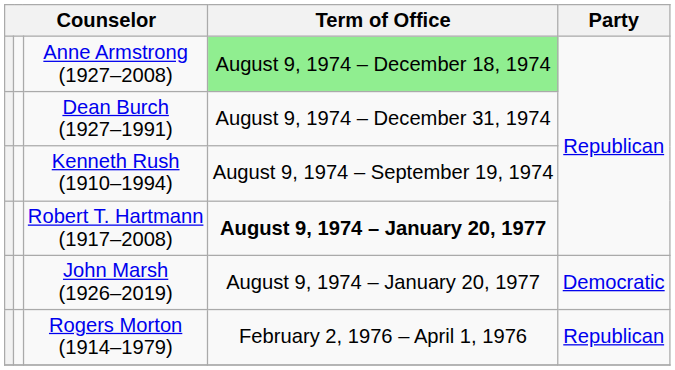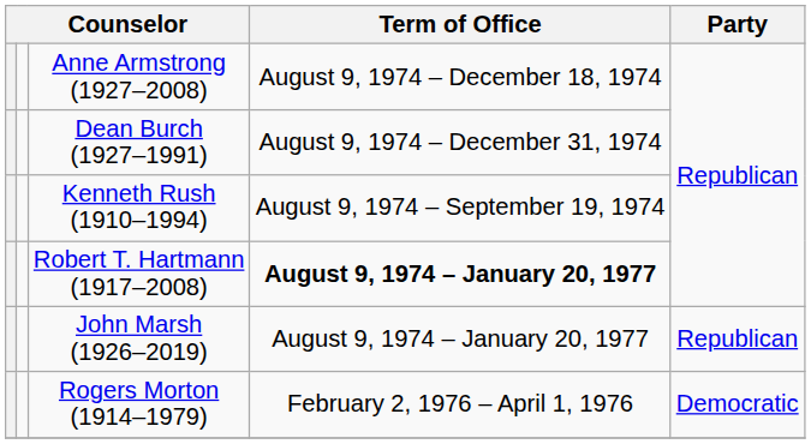 <table class="wikitable sortable" style="text-align:center">
 <tr>
 <th colspan="3">Counselor</th>
 <th>Term of Office<br></th>
 <th>Party</th>
 </tr>
 <tr>
 <th style="background:"></th>
 <td></td>
 <td><a href='#'>Anne Armstrong</a><br>(1927–2008)</td>
-<td style="background: lightgreen;">August 9, 1974 – December 18, 1974<br></td>
+<td>August 9, 1974 – December 18, 1974<br></td>
 <td rowspan="4"><a href='#'>Republican</a></td>
 </tr>
 <tr>
 <th style="background:"></th>
 <td></td>
 <td><a href='#'>Dean Burch</a><br>(1927–1991)</td>
 <td>August 9, 1974 – December 31, 1974<br></td>
 </tr>
 <tr>
 <th style="background:"></th>
 <td></td>
 <td><a href='#'>Kenneth Rush</a><br>(1910–1994)</td>
 <td>August 9, 1974 – September 19, 1974<br></td>
 </tr>
 <tr>
 <th style="background:"></th>
 <td></td>
 <td><a href='#'>Robert T. Hartmann</a><br>(1917–2008)</td>
 <td><strong>August 9, 1974 – January 20, 1977<br></strong></td>
 </tr>
 <tr>
 <th style="background:"></th>
 <td></td>
 <td><a href='#'>John Marsh</a><br>(1926–2019)</td>
 <td>August 9, 1974 – January 20, 1977<br></td>
-<td><a href='#'>Democratic</a></td>
+<td><a href='#'>Republican</a></td>
 </tr>
 <tr>
 <th style="background:"></th>
 <td></td>
 <td><a href='#'>Rogers Morton</a><br>(1914–1979)</td>
 <td>February 2, 1976 – April 1, 1976<br></td>
-<td><a href='#'>Republican</a></td>
+<td><a href='#'>Democratic</a></td>
 </tr>
 <tr>
 </tr>
 </table>
